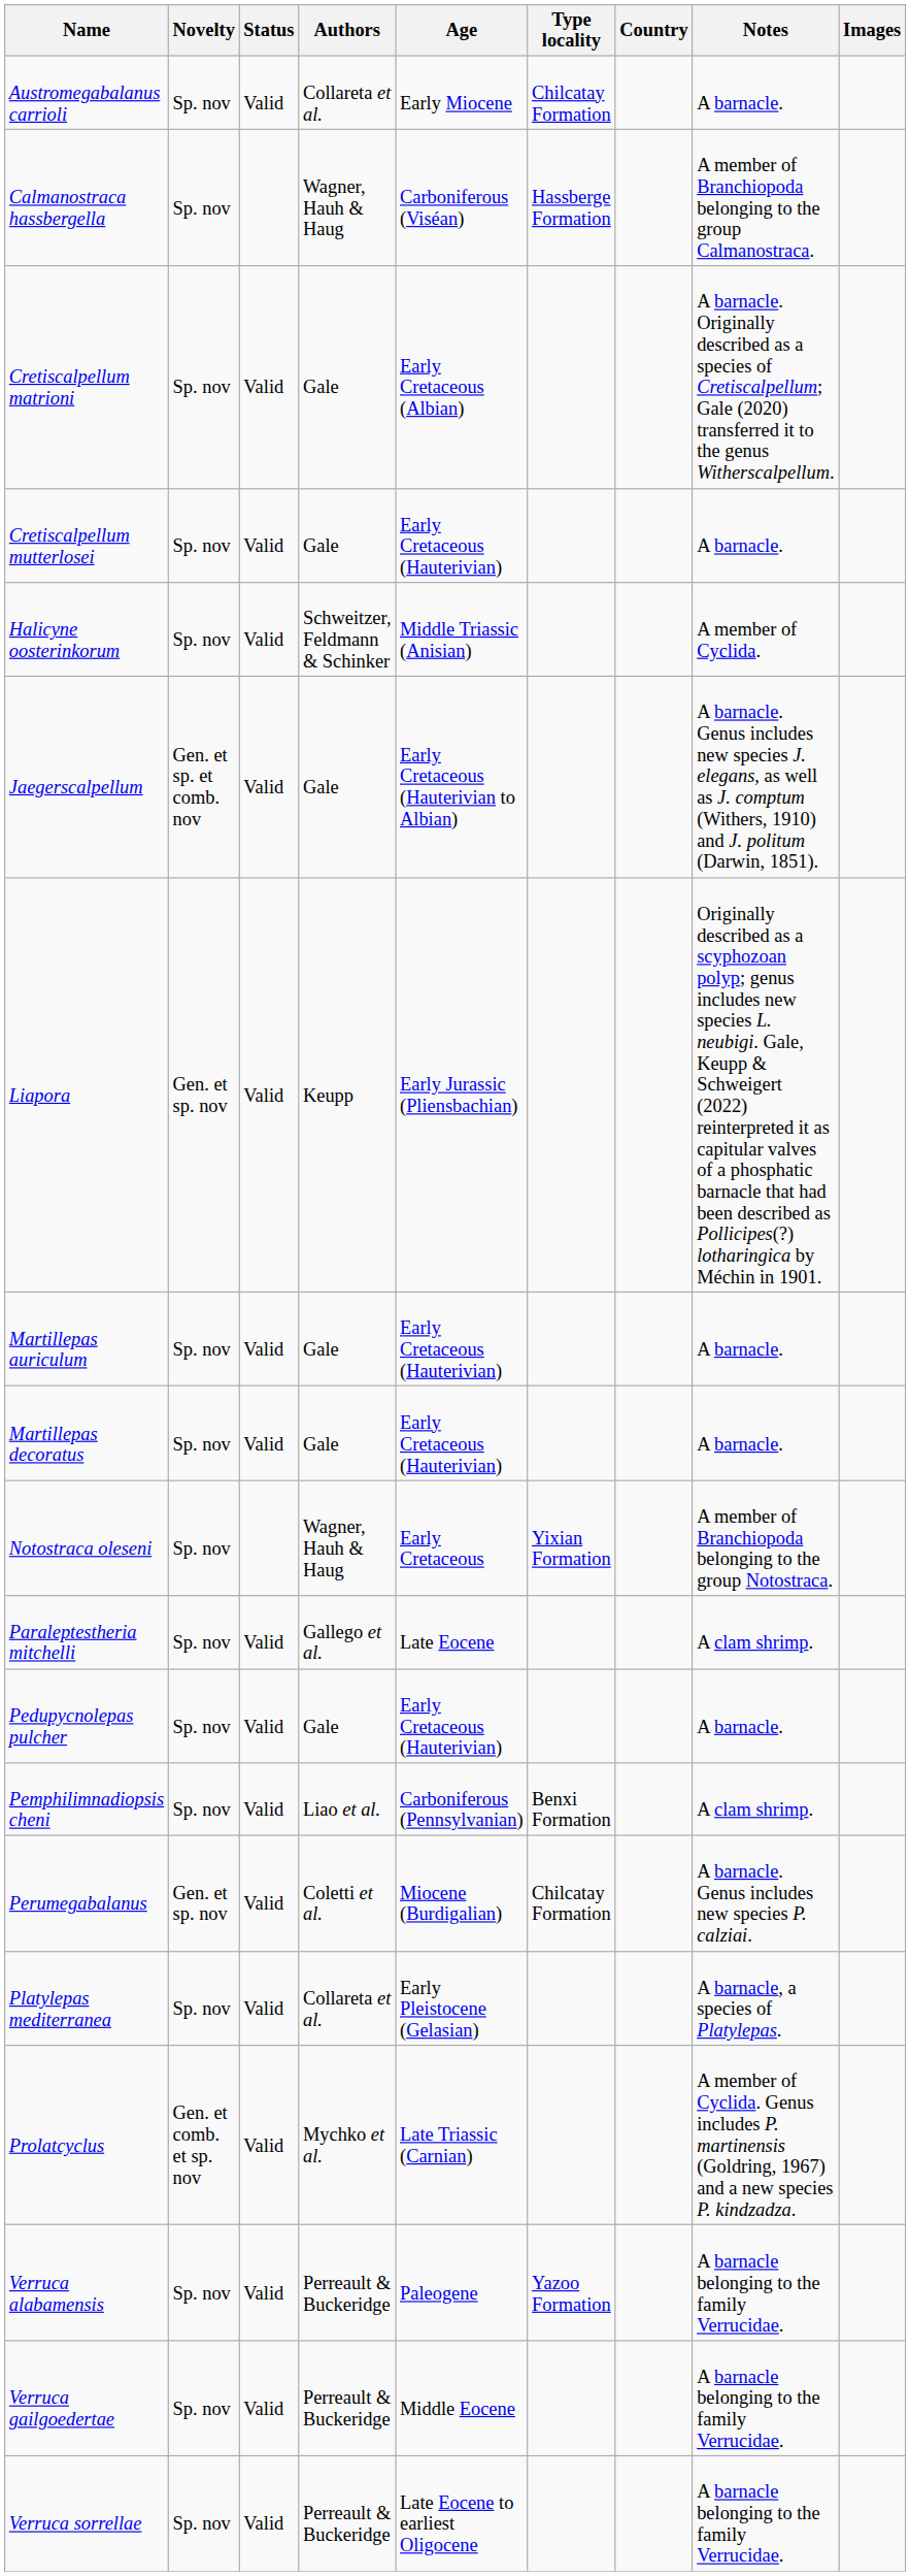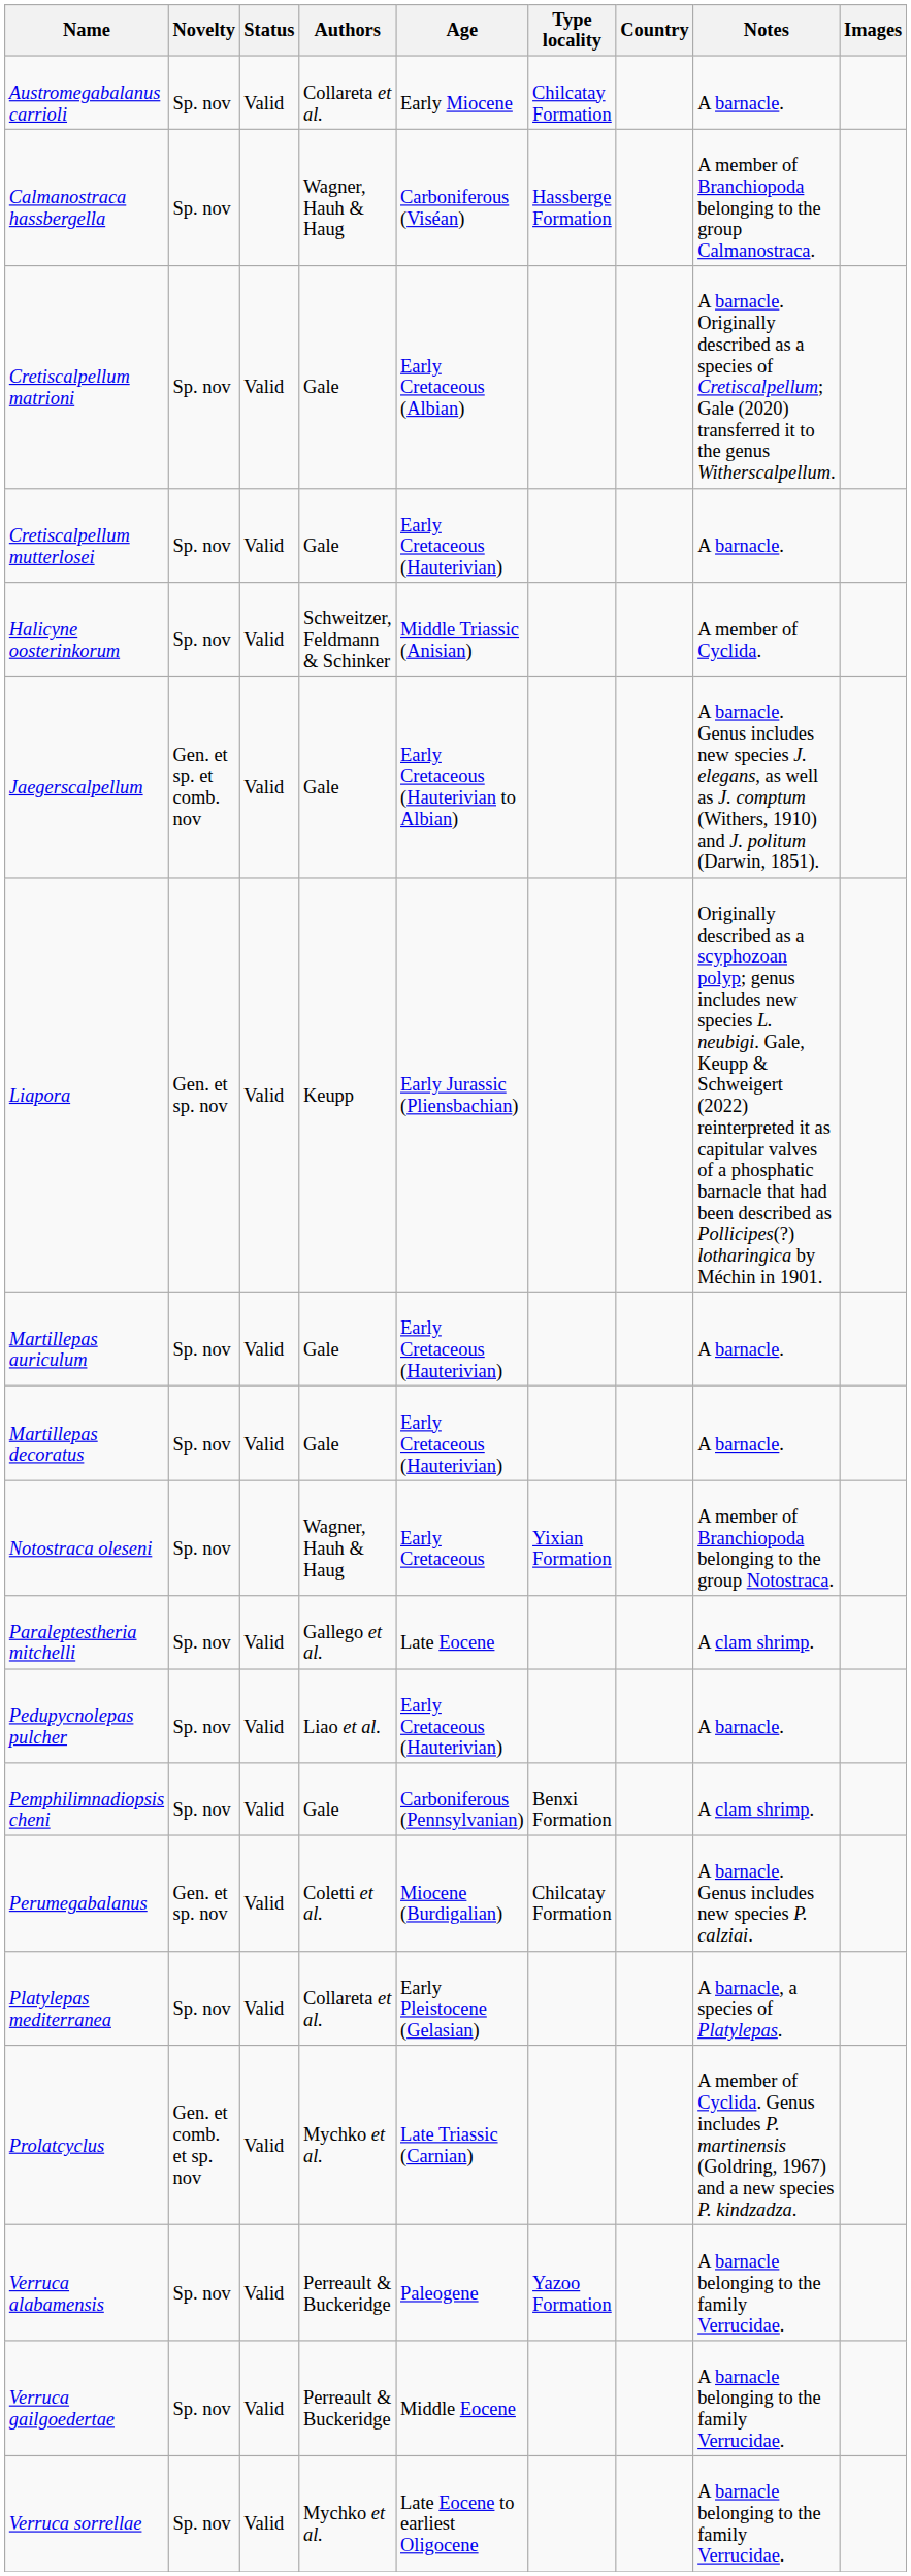 <table class="wikitable sortable" align="center" width="100%">
 <tr>
 <th>Name</th>
 <th>Novelty</th>
 <th>Status</th>
 <th>Authors</th>
 <th>Age</th>
 <th>Type locality</th>
 <th>Country</th>
 <th>Notes</th>
 <th>Images</th>
 </tr>
 <tr>
 <td><br><em><a href='#'>Austromegabalanus carrioli</a></em></td>
 <td><br>Sp. nov</td>
 <td><br>Valid</td>
 <td><br>Collareta <em>et al.</em></td>
 <td><br>Early <a href='#'>Miocene</a></td>
 <td><br><a href='#'>Chilcatay Formation</a></td>
 <td><br></td>
 <td><br>A <a href='#'>barnacle</a>.</td>
 <td></td>
 </tr>
 <tr>
 <td><br><em><a href='#'>Calmanostraca hassbergella</a></em></td>
 <td><br>Sp. nov</td>
 <td></td>
 <td><br>Wagner, Hauh & Haug</td>
 <td><br><a href='#'>Carboniferous</a> (<a href='#'>Viséan</a>)</td>
 <td><br><a href='#'>Hassberge Formation</a></td>
 <td><br></td>
 <td><br>A member of <a href='#'>Branchiopoda</a> belonging to the group <a href='#'>Calmanostraca</a>.</td>
 <td></td>
 </tr>
 <tr>
 <td><br><em><a href='#'>Cretiscalpellum matrioni</a></em></td>
 <td><br>Sp. nov</td>
 <td><br>Valid</td>
 <td><br>Gale</td>
 <td><br><a href='#'>Early Cretaceous</a> (<a href='#'>Albian</a>)</td>
 <td></td>
 <td><br></td>
 <td><br>A <a href='#'>barnacle</a>. Originally described as a species of <em><a href='#'>Cretiscalpellum</a></em>; Gale (2020) transferred it to the genus <em>Witherscalpellum</em>.</td>
 <td></td>
 </tr>
 <tr>
 <td><br><em><a href='#'>Cretiscalpellum mutterlosei</a></em></td>
 <td><br>Sp. nov</td>
 <td><br>Valid</td>
 <td><br>Gale</td>
 <td><br><a href='#'>Early Cretaceous</a> (<a href='#'>Hauterivian</a>)</td>
 <td></td>
 <td><br></td>
 <td><br>A <a href='#'>barnacle</a>.</td>
 <td></td>
 </tr>
 <tr>
 <td><br><em><a href='#'>Halicyne oosterinkorum</a></em></td>
 <td><br>Sp. nov</td>
 <td><br>Valid</td>
 <td><br>Schweitzer, Feldmann & Schinker</td>
 <td><br><a href='#'>Middle Triassic</a> (<a href='#'>Anisian</a>)</td>
 <td></td>
 <td><br></td>
 <td><br>A member of <a href='#'>Cyclida</a>.</td>
 <td></td>
 </tr>
 <tr>
 <td><br><em><a href='#'>Jaegerscalpellum</a></em></td>
 <td><br>Gen. et sp. et comb. nov</td>
 <td><br>Valid</td>
 <td><br>Gale</td>
 <td><br><a href='#'>Early Cretaceous</a> (<a href='#'>Hauterivian</a> to <a href='#'>Albian</a>)</td>
 <td></td>
 <td><br></td>
 <td><br>A <a href='#'>barnacle</a>. Genus includes new species <em>J. elegans</em>, as well as <em>J. comptum</em> (Withers, 1910) and <em>J. politum</em> (Darwin, 1851).</td>
 <td></td>
 </tr>
 <tr>
 <td><br><em><a href='#'>Liapora</a></em></td>
 <td><br>Gen. et sp. nov</td>
 <td><br>Valid</td>
 <td><br>Keupp</td>
 <td><br><a href='#'>Early Jurassic</a> (<a href='#'>Pliensbachian</a>)</td>
 <td></td>
 <td><br></td>
 <td><br>Originally described as a <a href='#'>scyphozoan</a> <a href='#'>polyp</a>; genus includes new species <em>L. neubigi</em>. Gale, Keupp & Schweigert (2022) reinterpreted it as capitular valves of a phosphatic barnacle that had been described as <em>Pollicipes</em>(?) <em>lotharingica</em> by Méchin in 1901.</td>
 <td></td>
 </tr>
 <tr>
 <td><br><em><a href='#'>Martillepas auriculum</a></em></td>
 <td><br>Sp. nov</td>
 <td><br>Valid</td>
 <td><br>Gale</td>
 <td><br><a href='#'>Early Cretaceous</a> (<a href='#'>Hauterivian</a>)</td>
 <td></td>
 <td><br></td>
 <td><br>A <a href='#'>barnacle</a>.</td>
 <td></td>
 </tr>
 <tr>
 <td><br><em><a href='#'>Martillepas decoratus</a></em></td>
 <td><br>Sp. nov</td>
 <td><br>Valid</td>
 <td><br>Gale</td>
 <td><br><a href='#'>Early Cretaceous</a> (<a href='#'>Hauterivian</a>)</td>
 <td></td>
 <td><br></td>
 <td><br>A <a href='#'>barnacle</a>.</td>
 <td></td>
 </tr>
 <tr>
 <td><br><em><a href='#'>Notostraca oleseni</a></em></td>
 <td><br>Sp. nov</td>
 <td></td>
 <td><br>Wagner, Hauh & Haug</td>
 <td><br><a href='#'>Early Cretaceous</a></td>
 <td><br><a href='#'>Yixian Formation</a></td>
 <td><br></td>
 <td><br>A member of <a href='#'>Branchiopoda</a> belonging to the group <a href='#'>Notostraca</a>.</td>
 <td></td>
 </tr>
 <tr>
 <td><br><em><a href='#'>Paraleptestheria mitchelli</a></em></td>
 <td><br>Sp. nov</td>
 <td><br>Valid</td>
 <td><br>Gallego <em>et al.</em></td>
 <td><br>Late <a href='#'>Eocene</a></td>
 <td></td>
 <td><br></td>
 <td><br>A <a href='#'>clam shrimp</a>.</td>
 <td></td>
 </tr>
 <tr>
 <td><br><em><a href='#'>Pedupycnolepas pulcher</a></em></td>
 <td><br>Sp. nov</td>
 <td><br>Valid</td>
-<td><br>Gale</td>
+<td><br>Liao <em>et al.</em></td>
 <td><br><a href='#'>Early Cretaceous</a> (<a href='#'>Hauterivian</a>)</td>
 <td></td>
 <td><br></td>
 <td><br>A <a href='#'>barnacle</a>.</td>
 <td></td>
 </tr>
 <tr>
 <td><br><em><a href='#'>Pemphilimnadiopsis cheni</a></em></td>
 <td><br>Sp. nov</td>
 <td><br>Valid</td>
-<td><br>Liao <em>et al.</em></td>
+<td><br>Gale</td>
 <td><br><a href='#'>Carboniferous</a> (<a href='#'>Pennsylvanian</a>)</td>
 <td><br>Benxi Formation</td>
 <td><br></td>
 <td><br>A <a href='#'>clam shrimp</a>.</td>
 <td></td>
 </tr>
 <tr>
 <td><br><em><a href='#'>Perumegabalanus</a></em></td>
 <td><br>Gen. et sp. nov</td>
 <td><br>Valid</td>
 <td><br>Coletti <em>et al.</em></td>
 <td><br><a href='#'>Miocene</a> (<a href='#'>Burdigalian</a>)</td>
 <td><br>Chilcatay Formation</td>
 <td><br></td>
 <td><br>A <a href='#'>barnacle</a>. Genus includes new species <em>P. calziai</em>.</td>
 <td></td>
 </tr>
 <tr>
 <td><br><em><a href='#'>Platylepas mediterranea</a></em></td>
 <td><br>Sp. nov</td>
 <td><br>Valid</td>
 <td><br>Collareta <em>et al.</em></td>
 <td><br>Early <a href='#'>Pleistocene</a> (<a href='#'>Gelasian</a>)</td>
 <td></td>
 <td><br></td>
 <td><br>A <a href='#'>barnacle</a>, a species of <em><a href='#'>Platylepas</a></em>.</td>
 <td></td>
 </tr>
 <tr>
 <td><br><em><a href='#'>Prolatcyclus</a></em></td>
 <td><br>Gen. et comb. et sp. nov</td>
 <td><br>Valid</td>
 <td><br>Mychko <em>et al.</em></td>
 <td><br><a href='#'>Late Triassic</a> (<a href='#'>Carnian</a>)</td>
 <td></td>
 <td><br><br> </td>
 <td><br>A member of <a href='#'>Cyclida</a>. Genus includes <em>P. martinensis</em> (Goldring, 1967) and a new species <em>P. kindzadza</em>.</td>
 <td></td>
 </tr>
 <tr>
 <td><br><em><a href='#'>Verruca alabamensis</a></em></td>
 <td><br>Sp. nov</td>
 <td><br>Valid</td>
 <td><br>Perreault & Buckeridge</td>
 <td><br><a href='#'>Paleogene</a></td>
 <td><br><a href='#'>Yazoo Formation</a></td>
 <td><br></td>
 <td><br>A <a href='#'>barnacle</a> belonging to the family <a href='#'>Verrucidae</a>.</td>
 <td></td>
 </tr>
 <tr>
 <td><br><em><a href='#'>Verruca gailgoedertae</a></em></td>
 <td><br>Sp. nov</td>
 <td><br>Valid</td>
 <td><br>Perreault & Buckeridge</td>
 <td><br>Middle <a href='#'>Eocene</a></td>
 <td></td>
 <td><br></td>
 <td><br>A <a href='#'>barnacle</a> belonging to the family <a href='#'>Verrucidae</a>.</td>
 <td></td>
 </tr>
 <tr>
 <td><br><em><a href='#'>Verruca sorrellae</a></em></td>
 <td><br>Sp. nov</td>
 <td><br>Valid</td>
-<td><br>Perreault & Buckeridge</td>
+<td><br>Mychko <em>et al.</em></td>
 <td><br>Late <a href='#'>Eocene</a> to earliest <a href='#'>Oligocene</a></td>
 <td></td>
 <td><br></td>
 <td><br>A <a href='#'>barnacle</a> belonging to the family <a href='#'>Verrucidae</a>.</td>
 <td></td>
 </tr>
 <tr>
 </tr>
 </table>
